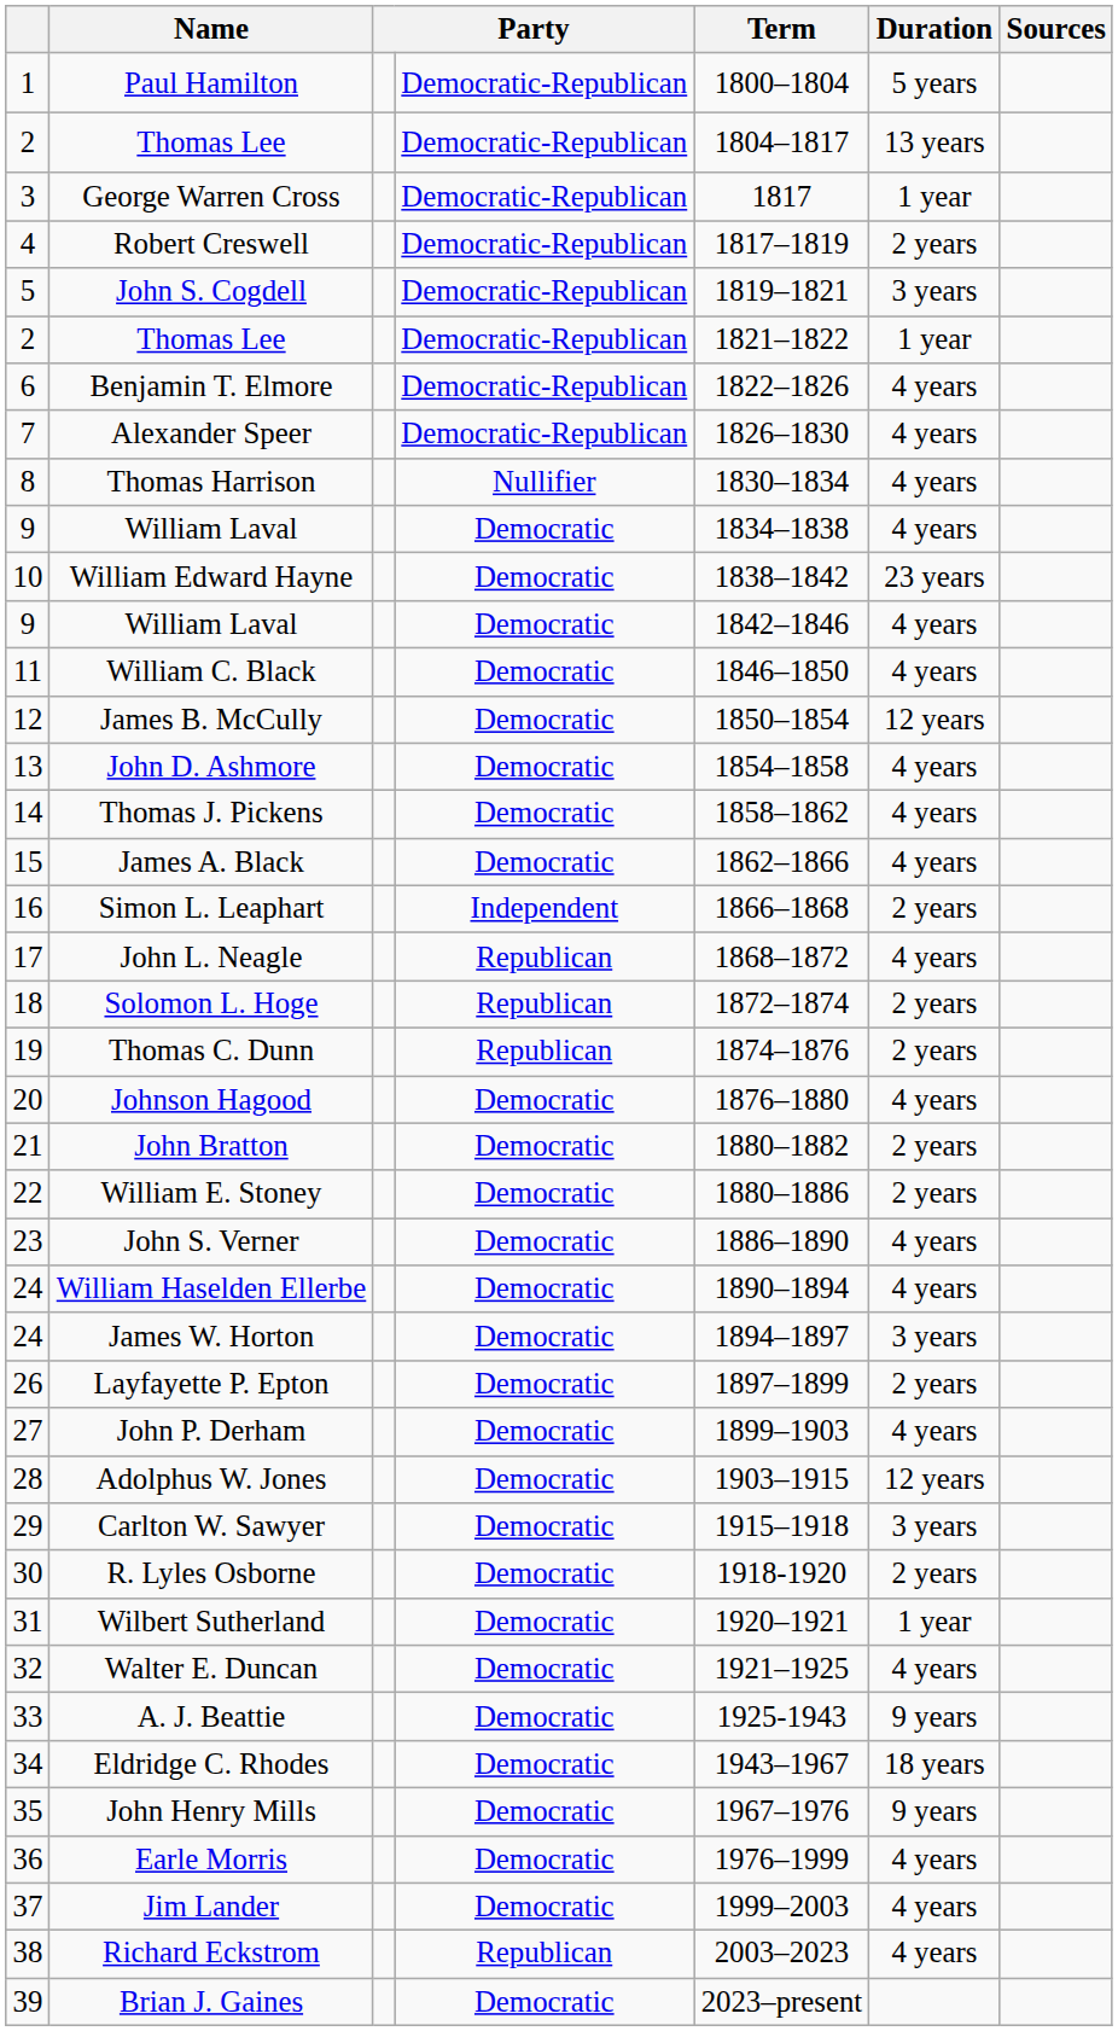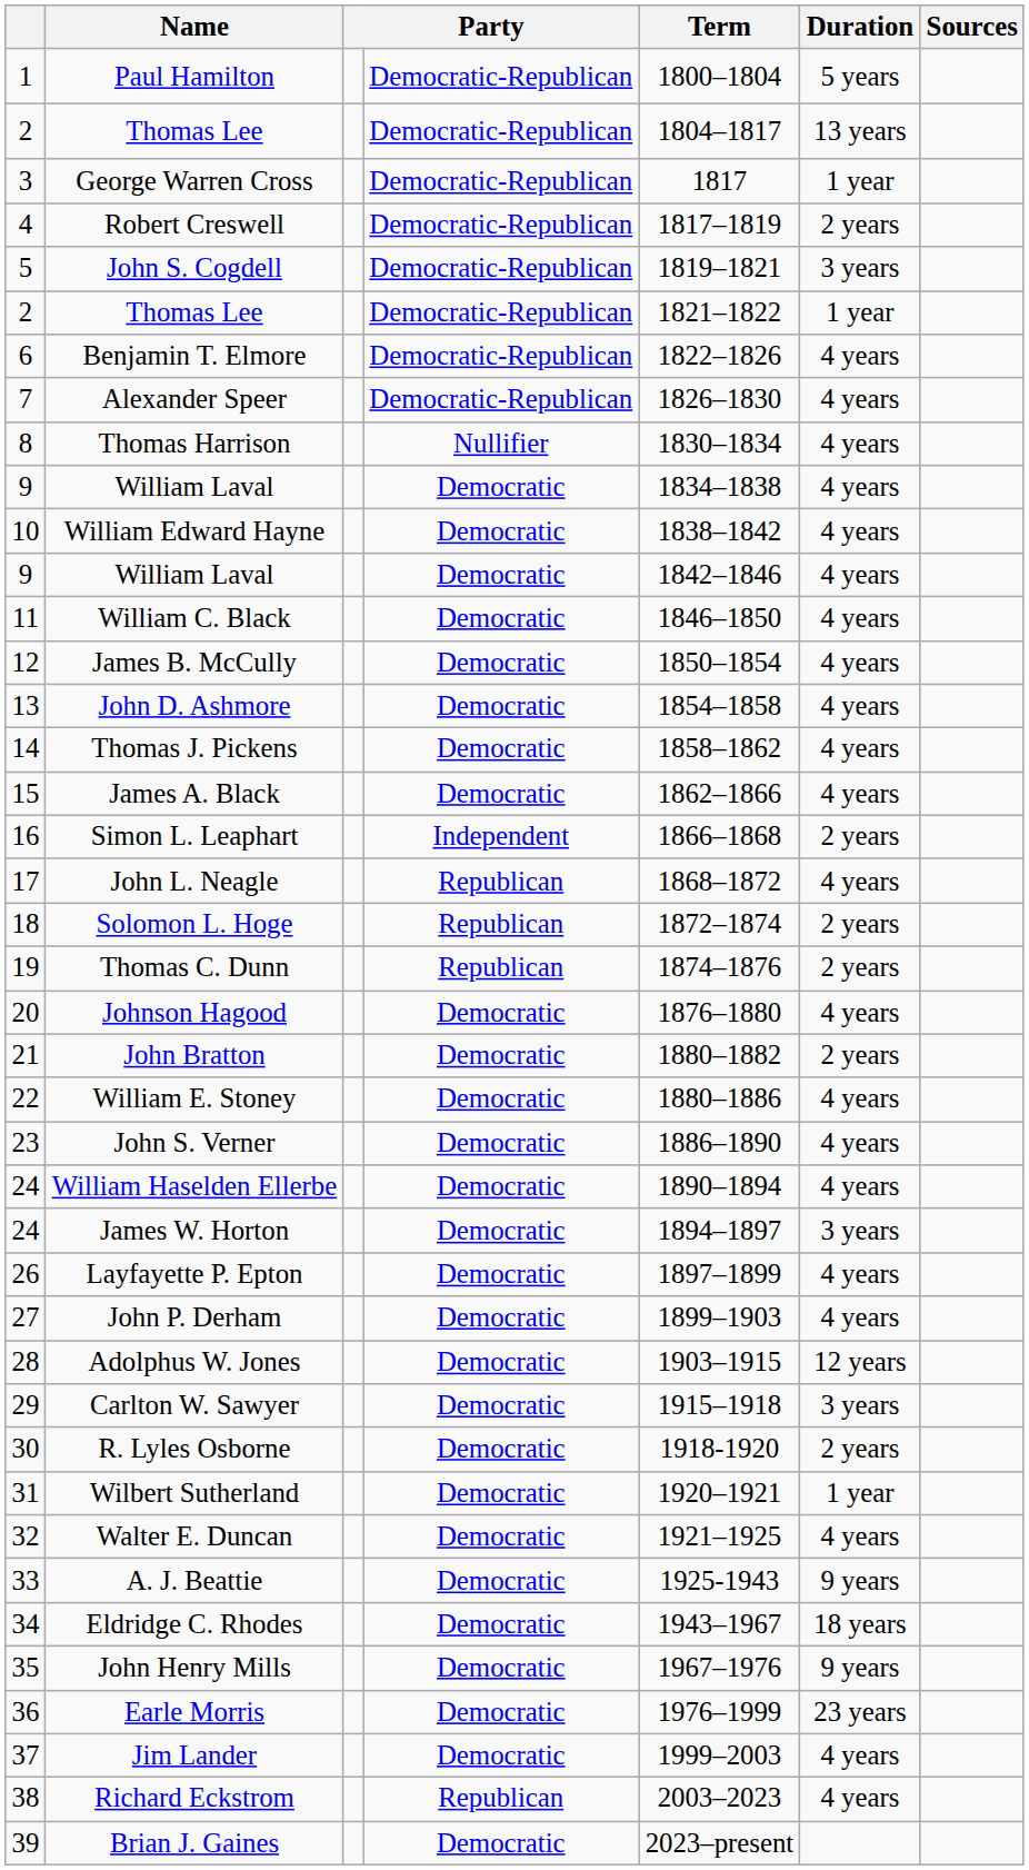 <table class="wikitable sortable" style="text-align: center;">
 <tr>
 <th scope="col" data-sort-type="number"></th>
 <th scope="col">Name</th>
 <th scope="col" colspan=2>Party</th>
 <th>Term</th>
 <th scope="col">Duration</th>
 <th scope="col">Sources</th>
 </tr>
 <tr style="height:2em;">
 <td>1</td>
 <td><a href='#'>Paul Hamilton</a></td>
 <td style="background:"> </td>
 <td><a href='#'>Democratic-Republican</a></td>
 <td>1800–1804</td>
 <td>5 years</td>
 <td></td>
 </tr>
 <tr style="height:2em;">
 <td>2</td>
 <td><a href='#'>Thomas Lee</a></td>
 <td style="background:"> </td>
 <td><a href='#'>Democratic-Republican</a></td>
 <td>1804–1817</td>
 <td>13 years</td>
 <td></td>
 </tr>
 <tr>
 <td>3</td>
 <td>George Warren Cross</td>
 <td style="background:"> </td>
 <td><a href='#'>Democratic-Republican</a></td>
 <td>1817</td>
 <td>1 year</td>
 <td></td>
 </tr>
 <tr>
 <td>4</td>
 <td>Robert Creswell</td>
 <td style="background:"> </td>
 <td><a href='#'>Democratic-Republican</a></td>
 <td>1817–1819</td>
 <td>2 years</td>
 <td></td>
 </tr>
 <tr>
 <td>5</td>
 <td><a href='#'>John S. Cogdell</a></td>
 <td style="background:"> </td>
 <td><a href='#'>Democratic-Republican</a></td>
 <td>1819–1821</td>
 <td>3 years</td>
 <td></td>
 </tr>
 <tr>
 <td>2</td>
 <td><a href='#'>Thomas Lee</a></td>
 <td style="background:"> </td>
 <td><a href='#'>Democratic-Republican</a></td>
 <td>1821–1822</td>
 <td>1 year</td>
 <td></td>
 </tr>
 <tr>
 <td>6</td>
 <td>Benjamin T. Elmore</td>
 <td style="background:"> </td>
 <td><a href='#'>Democratic-Republican</a></td>
 <td>1822–1826</td>
 <td>4 years</td>
 <td></td>
 </tr>
 <tr>
 <td>7</td>
 <td>Alexander Speer</td>
 <td style="background:"> </td>
 <td><a href='#'>Democratic-Republican</a></td>
 <td>1826–1830</td>
 <td>4 years</td>
 <td></td>
 </tr>
 <tr>
 <td>8</td>
 <td>Thomas Harrison</td>
 <td style="background:"> </td>
 <td><a href='#'>Nullifier</a></td>
 <td>1830–1834</td>
 <td>4 years</td>
 <td></td>
 </tr>
 <tr>
 <td>9</td>
 <td>William Laval</td>
 <td style="background:"> </td>
 <td><a href='#'>Democratic</a></td>
 <td>1834–1838</td>
 <td>4 years</td>
 <td></td>
 </tr>
 <tr>
 <td>10</td>
 <td>William Edward Hayne</td>
 <td style="background:"> </td>
 <td><a href='#'>Democratic</a></td>
 <td>1838–1842</td>
-<td>23 years</td>
+<td>4 years</td>
 <td></td>
 </tr>
 <tr>
 <td>9</td>
 <td>William Laval</td>
 <td style="background:"> </td>
 <td><a href='#'>Democratic</a></td>
 <td>1842–1846</td>
 <td>4 years</td>
 <td></td>
 </tr>
 <tr>
 <td>11</td>
 <td>William C. Black</td>
 <td style="background:"> </td>
 <td><a href='#'>Democratic</a></td>
 <td>1846–1850</td>
 <td>4 years</td>
 <td></td>
 </tr>
 <tr>
 <td>12</td>
 <td>James B. McCully</td>
 <td style="background:"> </td>
 <td><a href='#'>Democratic</a></td>
 <td>1850–1854</td>
-<td>12 years</td>
+<td>4 years</td>
 <td></td>
 </tr>
 <tr>
 <td>13</td>
 <td><a href='#'>John D. Ashmore</a></td>
 <td style="background:"> </td>
 <td><a href='#'>Democratic</a></td>
 <td>1854–1858</td>
 <td>4 years</td>
 <td></td>
 </tr>
 <tr>
 <td>14</td>
 <td>Thomas J. Pickens</td>
 <td style="background:"> </td>
 <td><a href='#'>Democratic</a></td>
 <td>1858–1862</td>
 <td>4 years</td>
 <td></td>
 </tr>
 <tr>
 <td>15</td>
 <td>James A. Black</td>
 <td style="background:"> </td>
 <td><a href='#'>Democratic</a></td>
 <td>1862–1866</td>
 <td>4 years</td>
 <td></td>
 </tr>
 <tr>
 <td>16</td>
 <td>Simon L. Leaphart</td>
 <td></td>
 <td><a href='#'>Independent</a></td>
 <td>1866–1868</td>
 <td>2 years</td>
 <td></td>
 </tr>
 <tr>
 <td>17</td>
 <td>John L. Neagle</td>
 <td style="background:"> </td>
 <td><a href='#'>Republican</a></td>
 <td>1868–1872</td>
 <td>4 years</td>
 <td></td>
 </tr>
 <tr>
 <td>18</td>
 <td><a href='#'>Solomon L. Hoge</a></td>
 <td style="background:"> </td>
 <td><a href='#'>Republican</a></td>
 <td>1872–1874</td>
 <td>2 years</td>
 <td></td>
 </tr>
 <tr>
 <td>19</td>
 <td>Thomas C. Dunn</td>
 <td style="background:"> </td>
 <td><a href='#'>Republican</a></td>
 <td>1874–1876</td>
 <td>2 years</td>
 <td></td>
 </tr>
 <tr>
 <td>20</td>
 <td><a href='#'>Johnson Hagood</a></td>
 <td style="background:"> </td>
 <td><a href='#'>Democratic</a></td>
 <td>1876–1880</td>
 <td>4 years</td>
 <td></td>
 </tr>
 <tr>
 <td>21</td>
 <td><a href='#'>John Bratton</a></td>
 <td style="background:"> </td>
 <td><a href='#'>Democratic</a></td>
 <td>1880–1882</td>
 <td>2 years</td>
 <td></td>
 </tr>
 <tr>
 <td>22</td>
 <td>William E. Stoney</td>
 <td style="background:"> </td>
 <td><a href='#'>Democratic</a></td>
 <td>1880–1886</td>
-<td>2 years</td>
+<td>4 years</td>
 <td></td>
 </tr>
 <tr>
 <td>23</td>
 <td>John S. Verner</td>
 <td style="background:"> </td>
 <td><a href='#'>Democratic</a></td>
 <td>1886–1890</td>
 <td>4 years</td>
 <td></td>
 </tr>
 <tr>
 <td>24</td>
 <td><a href='#'>William Haselden Ellerbe</a></td>
 <td style="background:"> </td>
 <td><a href='#'>Democratic</a></td>
 <td>1890–1894</td>
 <td>4 years</td>
 <td></td>
 </tr>
 <tr>
 <td>24</td>
 <td>James W. Horton</td>
 <td style="background:"> </td>
 <td><a href='#'>Democratic</a></td>
 <td>1894–1897</td>
 <td>3 years</td>
 <td></td>
 </tr>
 <tr>
 <td>26</td>
 <td>Layfayette P. Epton</td>
 <td style="background:"> </td>
 <td><a href='#'>Democratic</a></td>
 <td>1897–1899</td>
-<td>2 years</td>
+<td>4 years</td>
 <td></td>
 </tr>
 <tr>
 <td>27</td>
 <td>John P. Derham</td>
 <td style="background:"> </td>
 <td><a href='#'>Democratic</a></td>
 <td>1899–1903</td>
 <td>4 years</td>
 <td></td>
 </tr>
 <tr>
 <td>28</td>
 <td>Adolphus W. Jones</td>
 <td style="background:"> </td>
 <td><a href='#'>Democratic</a></td>
 <td>1903–1915</td>
 <td>12 years</td>
 <td></td>
 </tr>
 <tr>
 <td>29</td>
 <td>Carlton W. Sawyer</td>
 <td style="background:"> </td>
 <td><a href='#'>Democratic</a></td>
 <td>1915–1918</td>
 <td>3 years</td>
 <td></td>
 </tr>
 <tr>
 <td>30</td>
 <td>R. Lyles Osborne</td>
 <td style="background:"> </td>
 <td><a href='#'>Democratic</a></td>
 <td>1918-1920</td>
 <td>2 years</td>
 <td></td>
 </tr>
 <tr>
 <td>31</td>
 <td>Wilbert Sutherland</td>
 <td style="background:"> </td>
 <td><a href='#'>Democratic</a></td>
 <td>1920–1921</td>
 <td>1 year</td>
 <td></td>
 </tr>
 <tr>
 <td>32</td>
 <td>Walter E. Duncan</td>
 <td style="background:"> </td>
 <td><a href='#'>Democratic</a></td>
 <td>1921–1925</td>
 <td>4 years</td>
 <td></td>
 </tr>
 <tr>
 <td>33</td>
 <td>A. J. Beattie</td>
 <td style="background:"> </td>
 <td><a href='#'>Democratic</a></td>
 <td>1925-1943</td>
 <td>9 years</td>
 <td></td>
 </tr>
 <tr>
 <td>34</td>
 <td>Eldridge C. Rhodes</td>
 <td style="background:"> </td>
 <td><a href='#'>Democratic</a></td>
 <td>1943–1967<br></td>
 <td>18 years</td>
 <td></td>
 </tr>
 <tr>
 <td>35</td>
 <td>John Henry Mills</td>
 <td style="background:"> </td>
 <td><a href='#'>Democratic</a></td>
 <td>1967–1976</td>
 <td>9 years</td>
 <td></td>
 </tr>
 <tr>
 <td>36</td>
 <td><a href='#'>Earle Morris</a></td>
 <td style="background:"> </td>
 <td><a href='#'>Democratic</a></td>
 <td>1976–1999</td>
-<td>4 years</td>
+<td>23 years</td>
 <td></td>
 </tr>
 <tr>
 <td>37</td>
 <td><a href='#'>Jim Lander</a></td>
 <td style="background:"> </td>
 <td><a href='#'>Democratic</a></td>
 <td>1999–2003</td>
 <td>4 years</td>
 <td></td>
 </tr>
 <tr>
 <td>38</td>
 <td><a href='#'>Richard Eckstrom</a></td>
 <td style="background:"> </td>
 <td><a href='#'>Republican</a></td>
 <td>2003–2023</td>
 <td>4 years</td>
 <td></td>
 </tr>
 <tr>
 <td>39</td>
 <td><a href='#'>Brian J. Gaines</a></td>
 <td style="background:"> </td>
 <td><a href='#'>Democratic</a></td>
 <td>2023–present</td>
 <td></td>
 <td></td>
 </tr>
 </table>
